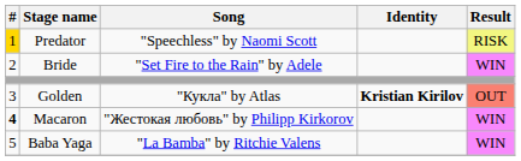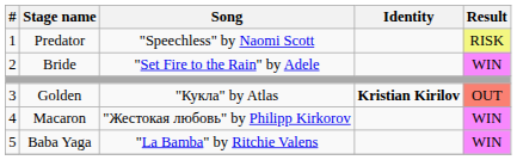 <table class="wikitable plainrowheaders" style="text-align: center;">
 <tr>
 <th>#</th>
 <th>Stage name</th>
 <th>Song</th>
 <th>Identity</th>
 <th>Result</th>
 </tr>
 <tr>
-<td style="background: gold;">1</td>
+<td>1</td>
 <td>Predator</td>
 <td>"Speechless" by <a href='#'>Naomi Scott</a></td>
 <td></td>
 <td bgcolor="#F3F781">RISK</td>
 </tr>
 <tr>
 <td>2</td>
 <td>Bride</td>
 <td>"<a href='#'>Set Fire to the Rain</a>" by <a href='#'>Adele</a></td>
 <td></td>
 <td bgcolor="#F888FD">WIN</td>
 </tr>
 <tr>
 <td colspan="5" style="background:darkgray"></td>
 </tr>
 <tr>
 <td>3</td>
 <td>Golden</td>
 <td>"Кукла" by Atlas</td>
 <td><strong>Kristian Kirilov</strong></td>
 <td bgcolor=salmon>OUT</td>
 </tr>
 <tr>
-<td><strong>4</strong></td>
+<td>4</td>
 <td>Macaron</td>
 <td>"Жестокая любовь" by <a href='#'>Philipp Kirkorov</a></td>
 <td></td>
 <td bgcolor="#F888FD">WIN</td>
 </tr>
 <tr>
 <td>5</td>
 <td>Baba Yaga</td>
 <td>"<a href='#'>La Bamba</a>" by <a href='#'>Ritchie Valens</a></td>
 <td></td>
 <td bgcolor="#F888FD">WIN</td>
 </tr>
 <tr>
 </tr>
 </table>
